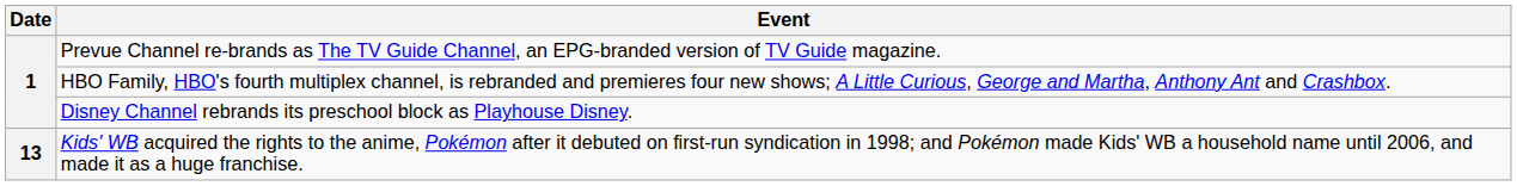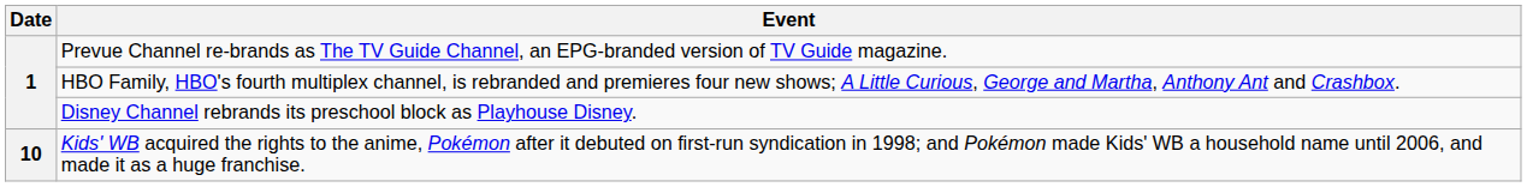 <table class="wikitable">
 <tr>
 <th>Date</th>
 <th>Event</th>
 </tr>
 <tr>
 <th rowspan="3">1</th>
 <td>Prevue Channel re-brands as <a href='#'>The TV Guide Channel</a>, an EPG-branded version of <a href='#'>TV Guide</a> magazine.</td>
 </tr>
 <tr>
 <td>HBO Family, <a href='#'>HBO</a>'s fourth multiplex channel, is rebranded and premieres four new shows; <em><a href='#'>A Little Curious</a></em>, <em><a href='#'>George and Martha</a></em>, <em><a href='#'>Anthony Ant</a></em> and <em><a href='#'>Crashbox</a></em>.</td>
 </tr>
 <tr>
 <td><a href='#'>Disney Channel</a> rebrands its preschool block as <a href='#'>Playhouse Disney</a>.</td>
 </tr>
 <tr>
-<th>13</th>
+<th>10</th>
 <td><em><a href='#'>Kids' WB</a></em> acquired the rights to the anime, <em><a href='#'>Pokémon</a></em> after it debuted on first-run syndication in 1998; and <em>Pokémon</em> made Kids' WB a household name until 2006, and made it as a huge franchise.</td>
 </tr>
 </table>
